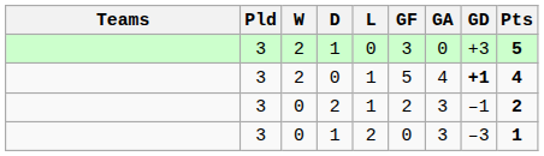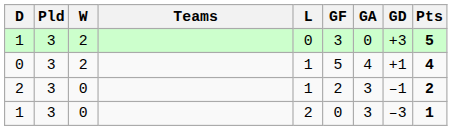 <table class="wikitable" style="text-align: center;">
 <tr>
-<th width=165>Teams</th>
+<th width=20>D</th>
 <th width=20>Pld</th>
 <th width=20>W</th>
-<th width=20>D</th>
+<th width=165>Teams</th>
 <th width=20>L</th>
 <th width=20>GF</th>
 <th width=20>GA</th>
 <th width=20>GD</th>
 <th width=20>Pts</th>
 </tr>
 <tr align=center style="background:#ccffcc;">
-<td style="text-align:left;"></td>
+<td>1</td>
 <td>3</td>
 <td>2</td>
-<td>1</td>
+<td style="text-align:left;"></td>
 <td>0</td>
 <td>3</td>
 <td>0</td>
 <td>+3</td>
 <td><strong>5</strong></td>
 </tr>
 <tr align=center>
-<td style="text-align:left;"></td>
+<td>0</td>
 <td>3</td>
 <td>2</td>
-<td>0</td>
+<td style="text-align:left;"></td>
 <td>1</td>
 <td>5</td>
 <td>4</td>
-<td><strong>+1</strong></td>
+<td>+1</td>
 <td><strong>4</strong></td>
 </tr>
 <tr align=center>
-<td style="text-align:left;"></td>
+<td>2</td>
 <td>3</td>
 <td>0</td>
-<td>2</td>
+<td style="text-align:left;"></td>
 <td>1</td>
 <td>2</td>
 <td>3</td>
 <td>–1</td>
 <td><strong>2</strong></td>
 </tr>
 <tr align=center>
-<td style="text-align:left;"></td>
+<td>1</td>
 <td>3</td>
 <td>0</td>
-<td>1</td>
+<td style="text-align:left;"></td>
 <td>2</td>
 <td>0</td>
 <td>3</td>
 <td>–3</td>
 <td><strong>1</strong></td>
 </tr>
 </table>
